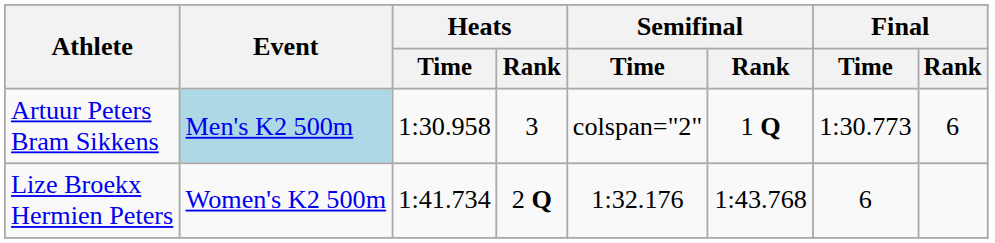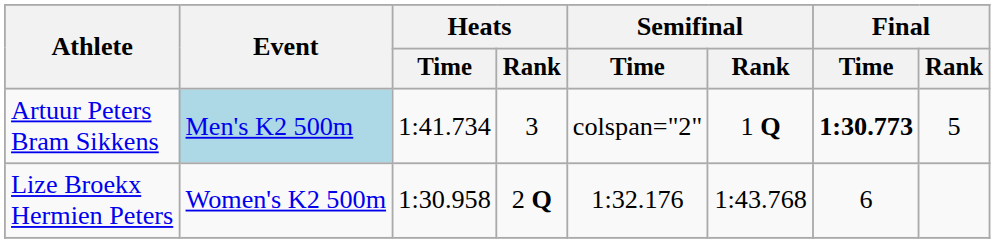 <table class="wikitable" style="text-align:center; font-size:90%">
 <tr>
 <th rowspan="2">Athlete</th>
 <th rowspan="2">Event</th>
 <th colspan="2">Heats</th>
 <th colspan="2">Semifinal</th>
 <th colspan="2">Final</th>
 </tr>
 <tr style="font-size:95%">
 <th>Time</th>
 <th>Rank</th>
 <th>Time</th>
 <th>Rank</th>
 <th>Time</th>
 <th>Rank</th>
 </tr>
 <tr>
 <td align="left"><a href='#'>Artuur Peters</a><br><a href='#'>Bram Sikkens</a></td>
 <td align="left" style="background: lightblue;"><a href='#'>Men's K2 500m</a></td>
-<td>1:30.958</td>
+<td>1:41.734</td>
 <td>3</td>
 <td>colspan="2" </td>
 <td>1 <strong>Q</strong></td>
-<td>1:30.773</td>
-<td>6</td>
+<td><strong>1:30.773</strong></td>
+<td>5</td>
 </tr>
 <tr>
 <td align="left"><a href='#'>Lize Broekx</a><br><a href='#'>Hermien Peters</a></td>
 <td align="left"><a href='#'>Women's K2 500m</a></td>
-<td>1:41.734</td>
+<td>1:30.958</td>
 <td>2 <strong>Q</strong></td>
 <td>1:32.176</td>
 <td>1:43.768</td>
 <td>6</td>
 </tr>
 </table>
